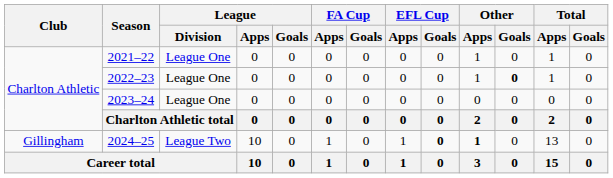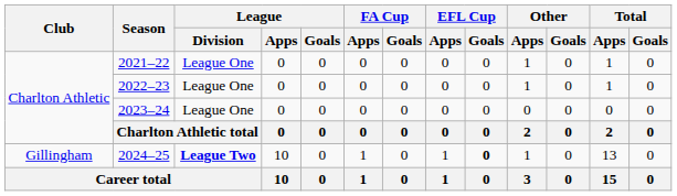 <table class=wikitable style=text-align:center>
 <tr>
 <th rowspan=2>Club</th>
 <th rowspan=2>Season</th>
 <th colspan=3>League</th>
 <th colspan=2><a href='#'>FA Cup</a></th>
 <th colspan=2><a href='#'>EFL Cup</a></th>
 <th colspan=2>Other</th>
 <th colspan=2>Total</th>
 </tr>
 <tr>
 <th>Division</th>
 <th>Apps</th>
 <th>Goals</th>
 <th>Apps</th>
 <th>Goals</th>
 <th>Apps</th>
 <th>Goals</th>
 <th>Apps</th>
 <th>Goals</th>
 <th>Apps</th>
 <th>Goals</th>
 </tr>
 <tr>
 <td rowspan="4"><a href='#'>Charlton Athletic</a></td>
 <td><a href='#'>2021–22</a></td>
 <td><a href='#'>League One</a></td>
 <td>0</td>
 <td>0</td>
 <td>0</td>
 <td>0</td>
 <td>0</td>
 <td>0</td>
 <td>1</td>
 <td>0</td>
 <td>1</td>
 <td>0</td>
 </tr>
 <tr>
 <td><a href='#'>2022–23</a></td>
 <td>League One</td>
 <td>0</td>
 <td>0</td>
 <td>0</td>
 <td>0</td>
 <td>0</td>
 <td>0</td>
 <td>1</td>
-<td><strong>0</strong></td>
+<td>0</td>
 <td>1</td>
 <td>0</td>
 </tr>
 <tr>
 <td><a href='#'>2023–24</a></td>
 <td>League One</td>
 <td>0</td>
 <td>0</td>
 <td>0</td>
 <td>0</td>
 <td>0</td>
 <td>0</td>
 <td>0</td>
 <td>0</td>
 <td>0</td>
 <td>0</td>
 </tr>
 <tr>
 <th colspan="2">Charlton Athletic total</th>
 <th>0</th>
 <th>0</th>
 <th>0</th>
 <th>0</th>
 <th>0</th>
 <th>0</th>
 <th>2</th>
 <th>0</th>
 <th>2</th>
 <th>0</th>
 </tr>
 <tr>
 <td><a href='#'>Gillingham</a></td>
 <td><a href='#'>2024–25</a></td>
-<td><a href='#'>League Two</a></td>
+<td><strong><a href='#'>League Two</a></strong></td>
 <td>10</td>
 <td>0</td>
 <td>1</td>
 <td>0</td>
 <td>1</td>
 <td><strong>0</strong></td>
-<td><strong>1</strong></td>
+<td>1</td>
 <td>0</td>
 <td>13</td>
 <td>0</td>
 </tr>
 <tr>
 <th colspan=3>Career total</th>
 <th>10</th>
 <th>0</th>
 <th>1</th>
 <th>0</th>
 <th>1</th>
 <th>0</th>
 <th>3</th>
 <th>0</th>
 <th>15</th>
 <th>0</th>
 </tr>
 </table>
